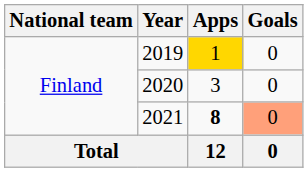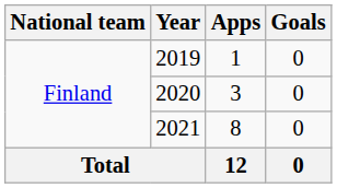 <table class="wikitable" style="text-align: center;">
 <tr>
 <th>National team</th>
 <th>Year</th>
 <th>Apps</th>
 <th>Goals</th>
 </tr>
 <tr>
 <td rowspan="3"><a href='#'>Finland</a></td>
 <td>2019</td>
-<td style="background: gold;">1</td>
+<td>1</td>
 <td>0</td>
 </tr>
 <tr>
 <td>2020</td>
 <td>3</td>
 <td>0</td>
 </tr>
 <tr>
 <td>2021</td>
-<td><strong>8</strong></td>
-<td style="background: lightsalmon;">0</td>
+<td>8</td>
+<td>0</td>
 </tr>
 <tr>
 <th colspan=2>Total</th>
 <th>12</th>
 <th>0</th>
 </tr>
 </table>
